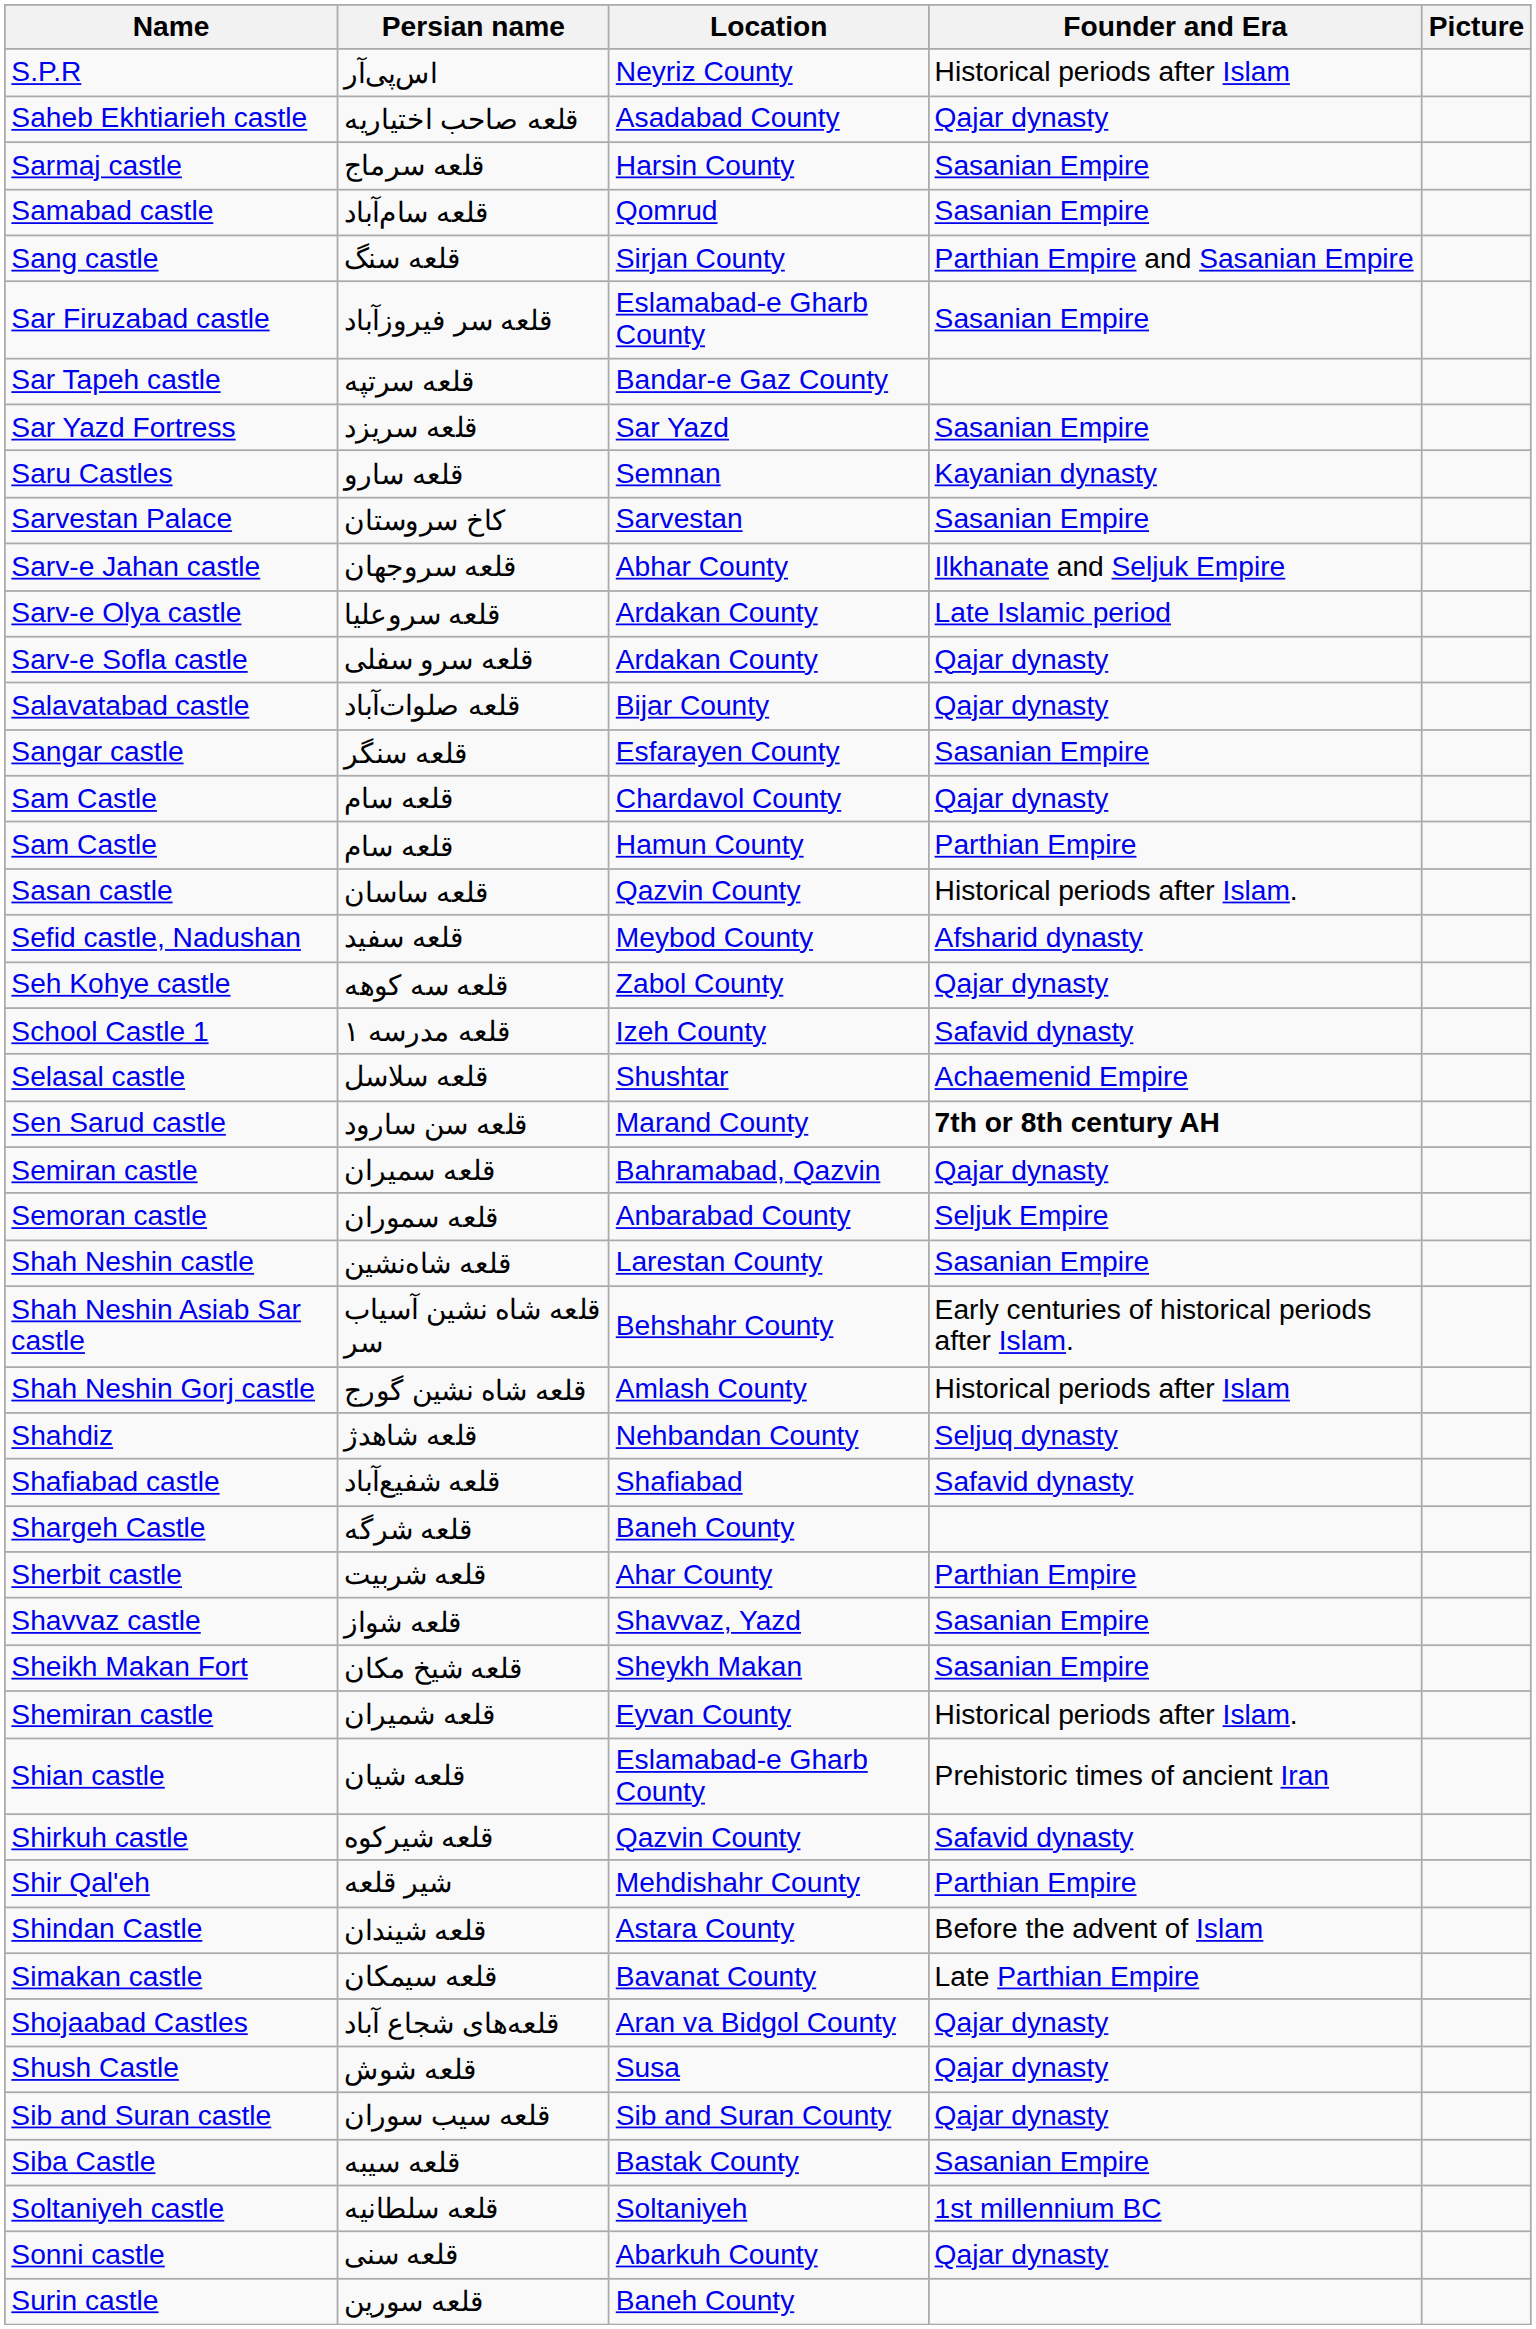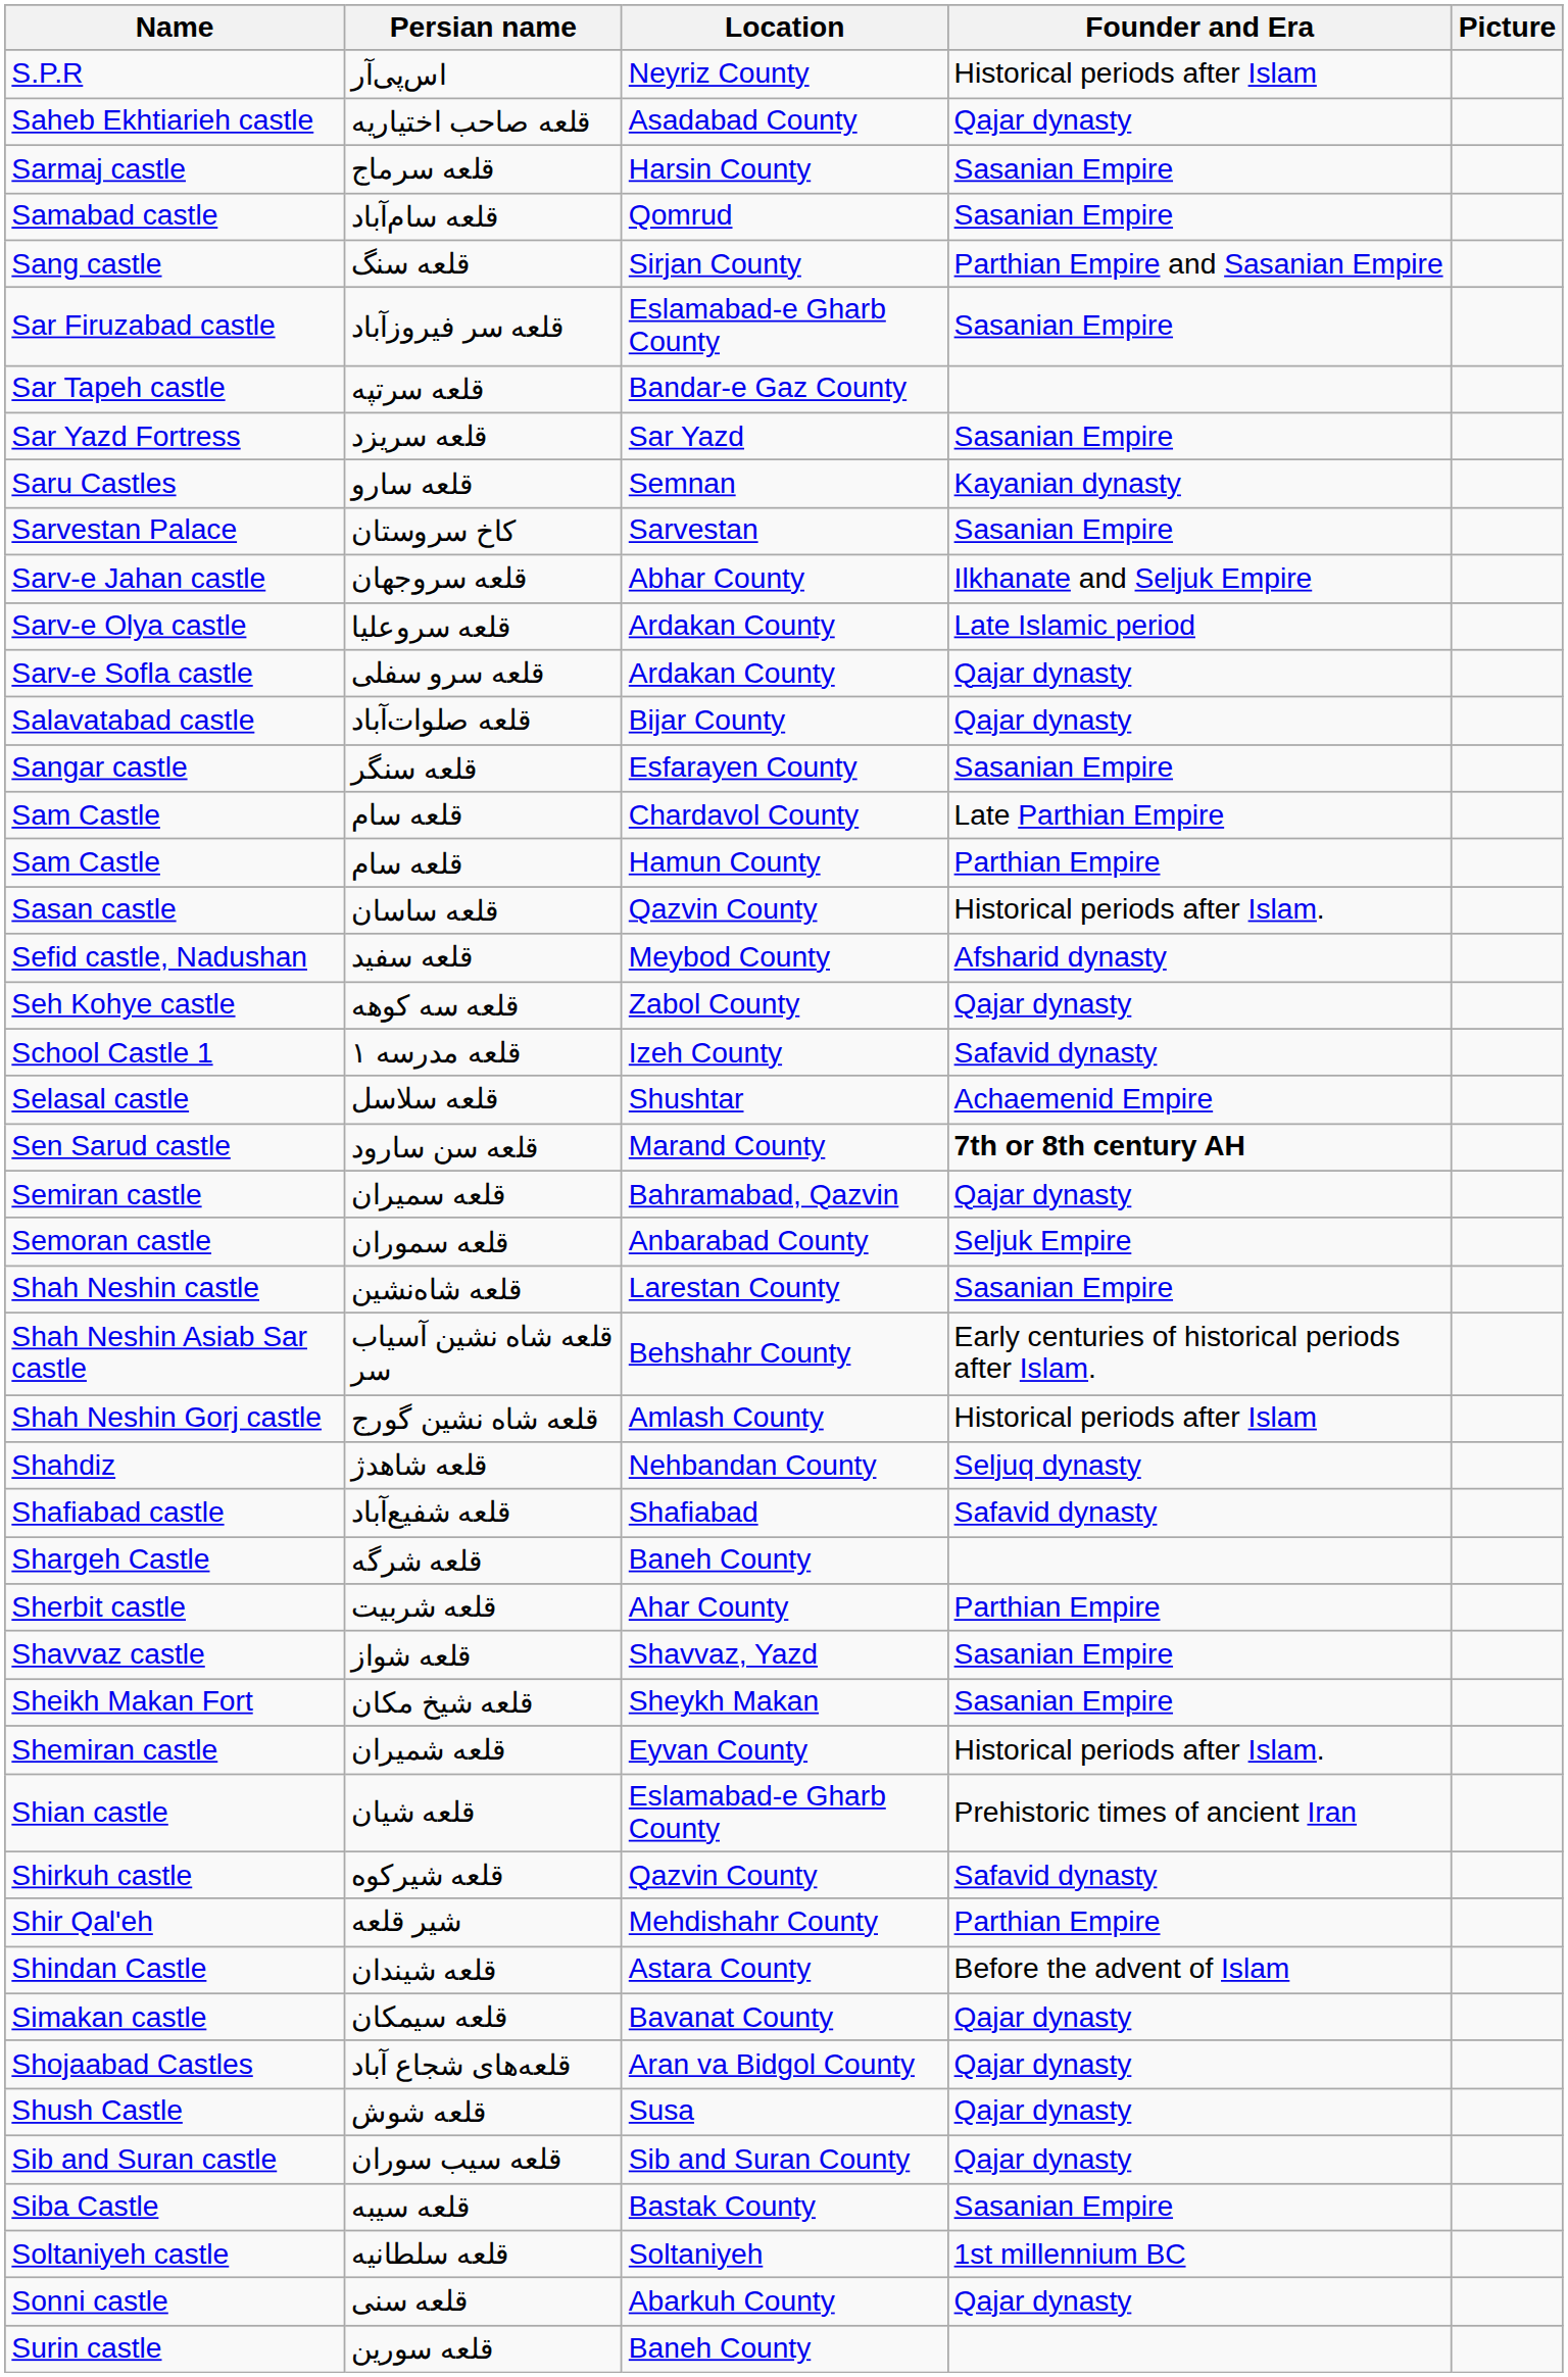 <table class="wikitable">
 <tr>
 <th>Name</th>
 <th>Persian name</th>
 <th>Location</th>
 <th>Founder and Era</th>
 <th>Picture</th>
 </tr>
 <tr>
 <td><a href='#'>S.P.R</a></td>
 <td>اس‌پی‌آر</td>
 <td><a href='#'>Neyriz County</a></td>
 <td>Historical periods after <a href='#'>Islam</a></td>
 <td></td>
 </tr>
 <tr>
 <td><a href='#'>Saheb Ekhtiarieh castle</a></td>
 <td>قلعه صاحب اختیاریه</td>
 <td><a href='#'>Asadabad County</a></td>
 <td><a href='#'>Qajar dynasty</a></td>
 <td></td>
 </tr>
 <tr>
 <td><a href='#'>Sarmaj castle</a></td>
 <td>قلعه سرماج</td>
 <td><a href='#'>Harsin County</a></td>
 <td><a href='#'>Sasanian Empire</a></td>
 <td></td>
 </tr>
 <tr>
 <td><a href='#'>Samabad castle</a></td>
 <td>قلعه سام‌آباد</td>
 <td><a href='#'>Qomrud</a></td>
 <td><a href='#'>Sasanian Empire</a></td>
 <td align="center"></td>
 </tr>
 <tr>
 <td><a href='#'>Sang castle</a></td>
 <td>قلعه سنگ</td>
 <td><a href='#'>Sirjan County</a></td>
 <td><a href='#'>Parthian Empire</a> and <a href='#'>Sasanian Empire</a></td>
 <td align="center"></td>
 </tr>
 <tr>
 <td><a href='#'>Sar Firuzabad castle</a></td>
 <td>قلعه سر فیروزآباد</td>
 <td><a href='#'>Eslamabad-e Gharb County</a></td>
 <td><a href='#'>Sasanian Empire</a></td>
 <td></td>
 </tr>
 <tr>
 <td><a href='#'>Sar Tapeh castle</a></td>
 <td>قلعه سرتپه</td>
 <td><a href='#'>Bandar-e Gaz County</a></td>
 <td></td>
 <td></td>
 </tr>
 <tr>
 <td><a href='#'>Sar Yazd Fortress</a></td>
 <td>قلعه سریزد</td>
 <td><a href='#'>Sar Yazd</a></td>
 <td><a href='#'>Sasanian Empire</a></td>
 <td align="center"></td>
 </tr>
 <tr>
 <td><a href='#'>Saru Castles</a></td>
 <td>قلعه سارو</td>
 <td><a href='#'>Semnan</a></td>
 <td><a href='#'>Kayanian dynasty</a></td>
 <td align="center"></td>
 </tr>
 <tr>
 <td><a href='#'>Sarvestan Palace</a></td>
 <td>کاخ سروستان</td>
 <td><a href='#'>Sarvestan</a></td>
 <td><a href='#'>Sasanian Empire</a></td>
 <td align="center"></td>
 </tr>
 <tr>
 <td><a href='#'>Sarv-e Jahan castle</a></td>
 <td>قلعه سروجهان</td>
 <td><a href='#'>Abhar County</a></td>
 <td><a href='#'>Ilkhanate</a> and <a href='#'>Seljuk Empire</a></td>
 <td></td>
 </tr>
 <tr>
 <td><a href='#'>Sarv-e Olya castle</a></td>
 <td>قلعه سروعلیا</td>
 <td><a href='#'>Ardakan County</a></td>
 <td><a href='#'>Late Islamic period</a></td>
 <td></td>
 </tr>
 <tr>
 <td><a href='#'>Sarv-e Sofla castle</a></td>
 <td>قلعه سرو سفلی</td>
 <td><a href='#'>Ardakan County</a></td>
 <td><a href='#'>Qajar dynasty</a></td>
 <td></td>
 </tr>
 <tr>
 <td><a href='#'>Salavatabad castle</a></td>
 <td>قلعه صلوات‌آباد</td>
 <td><a href='#'>Bijar County</a></td>
 <td><a href='#'>Qajar dynasty</a></td>
 <td></td>
 </tr>
 <tr>
 <td><a href='#'>Sangar castle</a></td>
 <td>قلعه سنگر</td>
 <td><a href='#'>Esfarayen County</a></td>
 <td><a href='#'>Sasanian Empire</a></td>
 <td></td>
 </tr>
 <tr>
 <td><a href='#'>Sam Castle</a></td>
 <td>قلعه سام</td>
 <td><a href='#'>Chardavol County</a></td>
-<td><a href='#'>Qajar dynasty</a></td>
+<td>Late <a href='#'>Parthian Empire</a></td>
 <td></td>
 </tr>
 <tr>
 <td><a href='#'>Sam Castle</a></td>
 <td>قلعه سام</td>
 <td><a href='#'>Hamun County</a></td>
 <td><a href='#'>Parthian Empire</a></td>
 <td></td>
 </tr>
 <tr>
 <td><a href='#'>Sasan castle</a></td>
 <td>قلعه ساسان</td>
 <td><a href='#'>Qazvin County</a></td>
 <td>Historical periods after <a href='#'>Islam</a>.</td>
 <td></td>
 </tr>
 <tr>
 <td><a href='#'>Sefid castle, Nadushan</a></td>
 <td>قلعه سفید</td>
 <td><a href='#'>Meybod County</a></td>
 <td><a href='#'>Afsharid dynasty</a></td>
 <td align="center"></td>
 </tr>
 <tr>
 <td><a href='#'>Seh Kohye castle</a></td>
 <td>قلعه سه کوهه</td>
 <td><a href='#'>Zabol County</a></td>
 <td><a href='#'>Qajar dynasty</a></td>
 <td align="center"></td>
 </tr>
 <tr>
 <td><a href='#'>School Castle 1</a></td>
 <td>قلعه مدرسه ۱</td>
 <td><a href='#'>Izeh County</a></td>
 <td><a href='#'>Safavid dynasty</a></td>
 <td></td>
 </tr>
 <tr>
 <td><a href='#'>Selasal castle</a></td>
 <td>قلعه سلاسل</td>
 <td><a href='#'>Shushtar</a></td>
 <td><a href='#'>Achaemenid Empire</a></td>
 <td align="center"></td>
 </tr>
 <tr>
 <td><a href='#'>Sen Sarud castle</a></td>
 <td>قلعه سن سارود</td>
 <td><a href='#'>Marand County</a></td>
 <td><strong>7th or 8th century AH</strong></td>
 <td></td>
 </tr>
 <tr>
 <td><a href='#'>Semiran castle</a></td>
 <td>قلعه سمیران</td>
 <td><a href='#'>Bahramabad, Qazvin</a></td>
 <td><a href='#'>Qajar dynasty</a></td>
 <td align="center"></td>
 </tr>
 <tr>
 <td><a href='#'>Semoran castle</a></td>
 <td>قلعه سموران</td>
 <td><a href='#'>Anbarabad County</a></td>
 <td><a href='#'>Seljuk Empire</a></td>
 <td></td>
 </tr>
 <tr>
 <td><a href='#'>Shah Neshin castle</a></td>
 <td>قلعه شاه‌نشین</td>
 <td><a href='#'>Larestan County</a></td>
 <td><a href='#'>Sasanian Empire</a></td>
 <td></td>
 </tr>
 <tr>
 <td><a href='#'>Shah Neshin Asiab Sar castle</a></td>
 <td>قلعه شاه نشین آسیاب سر</td>
 <td><a href='#'>Behshahr County</a></td>
 <td>Early centuries of historical periods after <a href='#'>Islam</a>.</td>
 <td></td>
 </tr>
 <tr>
 <td><a href='#'>Shah Neshin Gorj castle</a></td>
 <td>قلعه شاه نشین گورج</td>
 <td><a href='#'>Amlash County</a></td>
 <td>Historical periods after <a href='#'>Islam</a></td>
 <td></td>
 </tr>
 <tr>
 <td><a href='#'>Shahdiz</a></td>
 <td>قلعه شاهدژ</td>
 <td><a href='#'>Nehbandan County</a></td>
 <td><a href='#'>Seljuq dynasty</a></td>
 <td align="center"></td>
 </tr>
 <tr>
 <td><a href='#'>Shafiabad castle</a></td>
 <td>قلعه شفیع‌آباد</td>
 <td><a href='#'>Shafiabad</a></td>
 <td><a href='#'>Safavid dynasty</a></td>
 <td align="center"></td>
 </tr>
 <tr>
 <td><a href='#'>Shargeh Castle</a></td>
 <td>قلعه شرگه</td>
 <td><a href='#'>Baneh County</a></td>
 <td></td>
 <td></td>
 </tr>
 <tr>
 <td><a href='#'>Sherbit castle</a></td>
 <td>قلعه شربیت</td>
 <td><a href='#'>Ahar County</a></td>
 <td><a href='#'>Parthian Empire</a></td>
 <td></td>
 </tr>
 <tr>
 <td><a href='#'>Shavvaz castle</a></td>
 <td>قلعه شواز</td>
 <td><a href='#'>Shavvaz, Yazd</a></td>
 <td><a href='#'>Sasanian Empire</a></td>
 <td align="center"></td>
 </tr>
 <tr>
 <td><a href='#'>Sheikh Makan Fort</a></td>
 <td>قلعه شیخ مکان</td>
 <td><a href='#'>Sheykh Makan</a></td>
 <td><a href='#'>Sasanian Empire</a></td>
 <td align="center"></td>
 </tr>
 <tr>
 <td><a href='#'>Shemiran castle</a></td>
 <td>قلعه شمیران</td>
 <td><a href='#'>Eyvan County</a></td>
 <td>Historical periods after <a href='#'>Islam</a>.</td>
 <td></td>
 </tr>
 <tr>
 <td><a href='#'>Shian castle</a></td>
 <td>قلعه شیان</td>
 <td><a href='#'>Eslamabad-e Gharb County</a></td>
 <td>Prehistoric times of ancient <a href='#'>Iran</a></td>
 <td></td>
 </tr>
 <tr>
 <td><a href='#'>Shirkuh castle</a></td>
 <td>قلعه شیرکوه</td>
 <td><a href='#'>Qazvin County</a></td>
 <td><a href='#'>Safavid dynasty</a></td>
 <td></td>
 </tr>
 <tr>
 <td><a href='#'>Shir Qal'eh</a></td>
 <td>شیر قلعه</td>
 <td><a href='#'>Mehdishahr County</a></td>
 <td><a href='#'>Parthian Empire</a></td>
 <td align="center"></td>
 </tr>
 <tr>
 <td><a href='#'>Shindan Castle</a></td>
 <td>قلعه شیندان</td>
 <td><a href='#'>Astara County</a></td>
 <td>Before the advent of <a href='#'>Islam</a></td>
 <td></td>
 </tr>
 <tr>
 <td><a href='#'>Simakan castle</a></td>
 <td>قلعه سیمکان</td>
 <td><a href='#'>Bavanat County</a></td>
-<td>Late <a href='#'>Parthian Empire</a></td>
+<td><a href='#'>Qajar dynasty</a></td>
 <td></td>
 </tr>
 <tr>
 <td><a href='#'>Shojaabad Castles</a></td>
 <td>قلعه‌های شجاع آباد</td>
 <td><a href='#'>Aran va Bidgol County</a></td>
 <td><a href='#'>Qajar dynasty</a></td>
 <td></td>
 </tr>
 <tr>
 <td><a href='#'>Shush Castle</a></td>
 <td>قلعه شوش</td>
 <td><a href='#'>Susa</a></td>
 <td><a href='#'>Qajar dynasty</a></td>
 <td align="center"></td>
 </tr>
 <tr>
 <td><a href='#'>Sib and Suran castle</a></td>
 <td>قلعه سیب سوران</td>
 <td><a href='#'>Sib and Suran County</a></td>
 <td><a href='#'>Qajar dynasty</a></td>
 <td align="center"></td>
 </tr>
 <tr>
 <td><a href='#'>Siba Castle</a></td>
 <td>قلعه سیبه</td>
 <td><a href='#'>Bastak County</a></td>
 <td><a href='#'>Sasanian Empire</a></td>
 <td></td>
 </tr>
 <tr>
 <td><a href='#'>Soltaniyeh castle</a></td>
 <td>قلعه سلطانیه</td>
 <td><a href='#'>Soltaniyeh</a></td>
 <td><a href='#'>1st millennium BC</a></td>
 <td align="center"></td>
 </tr>
 <tr>
 <td><a href='#'>Sonni castle</a></td>
 <td>قلعه سنی</td>
 <td><a href='#'>Abarkuh County</a></td>
 <td><a href='#'>Qajar dynasty</a></td>
 <td></td>
 </tr>
 <tr>
 <td><a href='#'>Surin castle</a></td>
 <td>قلعه سورین</td>
 <td><a href='#'>Baneh County</a></td>
 <td></td>
 <td></td>
 </tr>
 </table>
